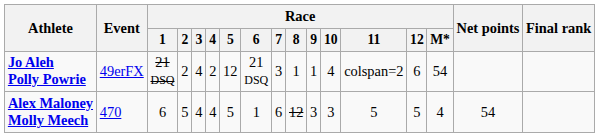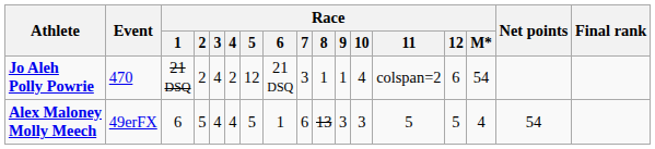 <table class="wikitable" style="font-size:90%">
 <tr>
 <th rowspan="2">Athlete</th>
 <th rowspan="2">Event</th>
 <th colspan=13>Race</th>
 <th rowspan=2>Net points</th>
 <th rowspan=2>Final rank</th>
 </tr>
 <tr style="font-size:95%">
 <th>1</th>
 <th>2</th>
 <th>3</th>
 <th>4</th>
 <th>5</th>
 <th>6</th>
 <th>7</th>
 <th>8</th>
 <th>9</th>
 <th>10</th>
 <th>11</th>
 <th>12</th>
 <th>M*</th>
 </tr>
 <tr align=center>
 <td align=left><strong><a href='#'>Jo Aleh</a></strong><br><strong><a href='#'>Polly Powrie</a></strong></td>
-<td align=left><a href='#'>49erFX</a></td>
+<td align=left><a href='#'>470</a></td>
 <td><s>21<br><small>DSQ</small></s></td>
 <td>2</td>
 <td>4</td>
 <td>2</td>
 <td>12</td>
 <td>21<br><small>DSQ</small></td>
 <td>3</td>
 <td>1</td>
 <td>1</td>
 <td>4</td>
 <td>colspan=2 </td>
 <td>6</td>
 <td>54</td>
 <td></td>
 </tr>
 <tr align=center>
 <td align=left><strong><a href='#'>Alex Maloney</a></strong><br><strong><a href='#'>Molly Meech</a></strong></td>
-<td align=left><a href='#'>470</a></td>
+<td align=left><a href='#'>49erFX</a></td>
 <td>6</td>
 <td>5</td>
 <td>4</td>
 <td>4</td>
 <td>5</td>
 <td>1</td>
 <td>6</td>
-<td><s>12</s></td>
+<td><s>13</s></td>
 <td>3</td>
 <td>3</td>
 <td>5</td>
 <td>5</td>
 <td>4</td>
 <td>54</td>
 <td></td>
 </tr>
 </table>
